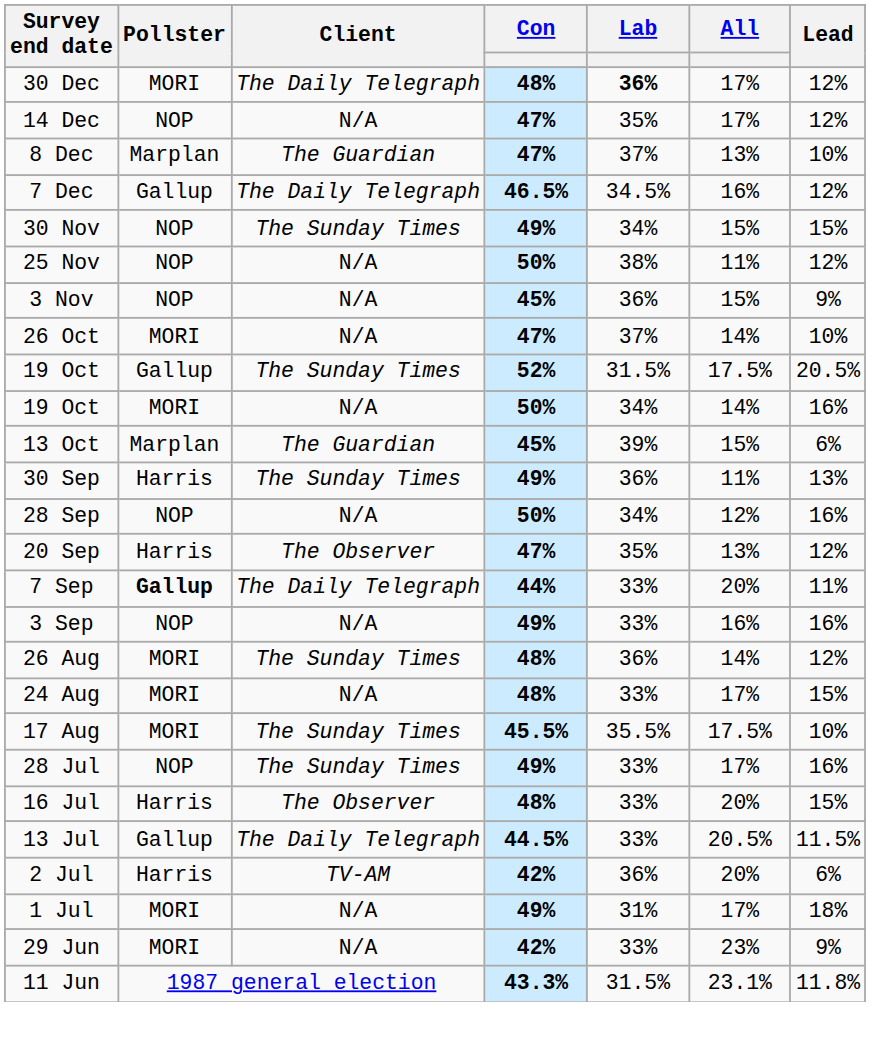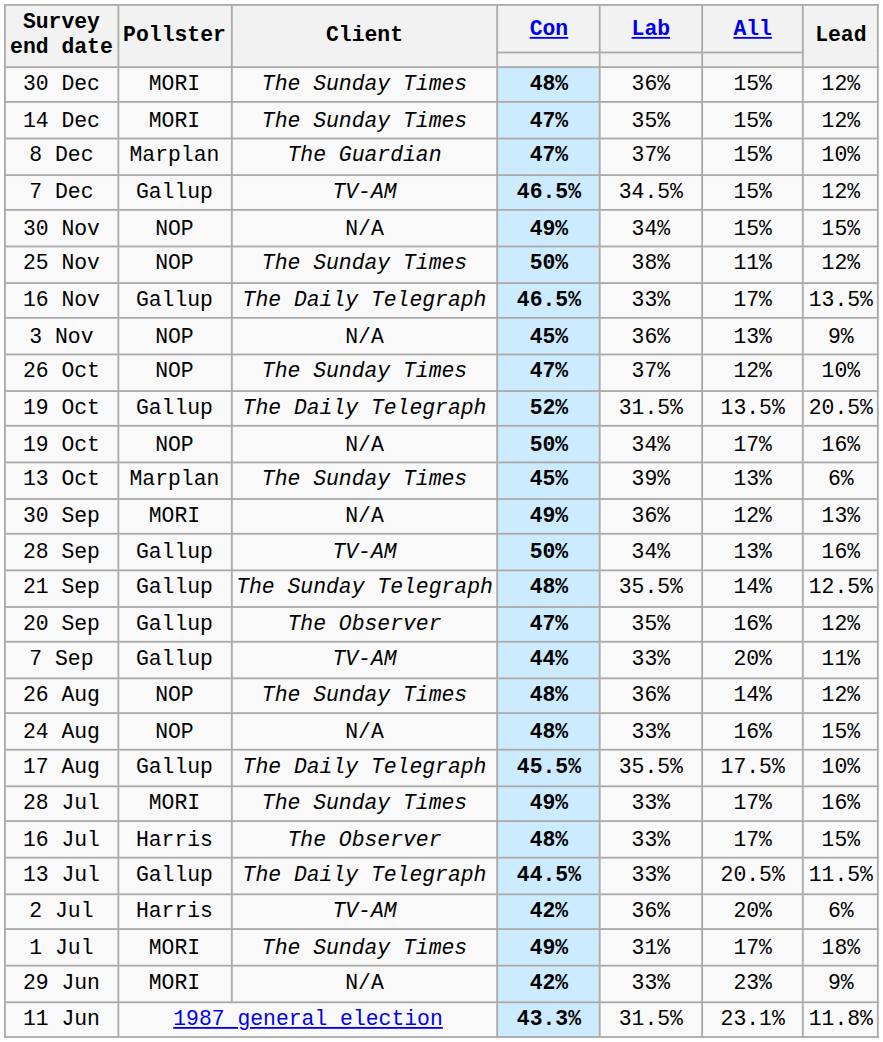 <table class="wikitable sortable mw-datatable" style="text-align:center;font-size:90%;line-height:14px;">
 <tr>
 <th rowspan="2">Survey<br>end date</th>
 <th rowspan="2">Pollster</th>
 <th rowspan="2">Client</th>
 <th class="unsortable" style="width:50px;"><a href='#'>Con</a></th>
 <th class="unsortable" style="width:50px;"><a href='#'>Lab</a></th>
 <th class="unsortable" style="width:50px;"><a href='#'>All</a></th>
 <th rowspan="2">Lead</th>
 </tr>
 <tr>
 <th style="background:"></th>
 <th style="background:"></th>
 <th style="background:"></th>
 </tr>
 <tr>
 <td>30 Dec</td>
 <td>MORI</td>
-<td><em>The Daily Telegraph</em></td>
+<td><em>The Sunday Times</em></td>
 <td style="background:#CCEBFF;"><strong>48%</strong></td>
-<td><strong>36%</strong></td>
-<td>17%</td>
+<td>36%</td>
+<td>15%</td>
 <td style="background:">12%</td>
 </tr>
 <tr>
 <td>14 Dec</td>
-<td>NOP</td>
-<td>N/A</td>
+<td>MORI</td>
+<td><em>The Sunday Times</em></td>
 <td style="background:#CCEBFF;"><strong>47%</strong></td>
 <td>35%</td>
-<td>17%</td>
+<td>15%</td>
 <td style="background:">12%</td>
 </tr>
 <tr>
 <td>8 Dec</td>
 <td>Marplan</td>
 <td><em>The Guardian</em></td>
 <td style="background:#CCEBFF;"><strong>47%</strong></td>
 <td>37%</td>
-<td>13%</td>
+<td>15%</td>
 <td style="background:">10%</td>
 </tr>
 <tr>
 <td>7 Dec</td>
 <td>Gallup</td>
-<td><em>The Daily Telegraph</em></td>
+<td><em>TV-AM</em></td>
 <td style="background:#CCEBFF;"><strong>46.5%</strong></td>
 <td>34.5%</td>
-<td>16%</td>
+<td>15%</td>
 <td style="background:">12%</td>
 </tr>
 <tr>
 <td>30 Nov</td>
 <td>NOP</td>
-<td><em>The Sunday Times</em></td>
+<td>N/A</td>
 <td style="background:#CCEBFF;"><strong>49%</strong></td>
 <td>34%</td>
 <td>15%</td>
 <td style="background:">15%</td>
 </tr>
 <tr>
 <td>25 Nov</td>
 <td>NOP</td>
-<td>N/A</td>
+<td><em>The Sunday Times</em></td>
 <td style="background:#CCEBFF;"><strong>50%</strong></td>
 <td>38%</td>
 <td>11%</td>
 <td style="background:">12%</td>
+</tr>
+<tr>
+<td>16 Nov</td>
+<td>Gallup</td>
+<td><em>The Daily Telegraph</em></td>
+<td style="background:#CCEBFF;"><strong>46.5%</strong></td>
+<td>33%</td>
+<td>17%</td>
+<td style="background:">13.5%</td>
 </tr>
 <tr>
 <td>3 Nov</td>
 <td>NOP</td>
 <td>N/A</td>
 <td style="background:#CCEBFF;"><strong>45%</strong></td>
 <td>36%</td>
-<td>15%</td>
+<td>13%</td>
 <td style="background:">9%</td>
 </tr>
 <tr>
 <td>26 Oct</td>
-<td>MORI</td>
-<td>N/A</td>
+<td>NOP</td>
+<td><em>The Sunday Times</em></td>
 <td style="background:#CCEBFF;"><strong>47%</strong></td>
 <td>37%</td>
-<td>14%</td>
+<td>12%</td>
 <td style="background:">10%</td>
 </tr>
 <tr>
 <td>19 Oct</td>
 <td>Gallup</td>
-<td><em>The Sunday Times</em></td>
+<td><em>The Daily Telegraph</em></td>
 <td style="background:#CCEBFF;"><strong>52%</strong></td>
 <td>31.5%</td>
-<td>17.5%</td>
+<td>13.5%</td>
 <td style="background:">20.5%</td>
 </tr>
 <tr>
 <td>19 Oct</td>
-<td>MORI</td>
+<td>NOP</td>
 <td>N/A</td>
 <td style="background:#CCEBFF;"><strong>50%</strong></td>
 <td>34%</td>
-<td>14%</td>
+<td>17%</td>
 <td style="background:">16%</td>
 </tr>
 <tr>
 <td>13 Oct</td>
 <td>Marplan</td>
-<td><em>The Guardian</em></td>
+<td><em>The Sunday Times</em></td>
 <td style="background:#CCEBFF;"><strong>45%</strong></td>
 <td>39%</td>
-<td>15%</td>
+<td>13%</td>
 <td style="background:">6%</td>
 </tr>
 <tr>
 <td>30 Sep</td>
-<td>Harris</td>
-<td><em>The Sunday Times</em></td>
+<td>MORI</td>
+<td>N/A</td>
 <td style="background:#CCEBFF;"><strong>49%</strong></td>
 <td>36%</td>
-<td>11%</td>
+<td>12%</td>
 <td style="background:">13%</td>
 </tr>
 <tr>
 <td>28 Sep</td>
-<td>NOP</td>
-<td>N/A</td>
+<td>Gallup</td>
+<td><em>TV-AM</em></td>
 <td style="background:#CCEBFF;"><strong>50%</strong></td>
 <td>34%</td>
-<td>12%</td>
+<td>13%</td>
 <td style="background:">16%</td>
 </tr>
 <tr>
+<td>21 Sep</td>
+<td>Gallup</td>
+<td><em>The Sunday Telegraph</em></td>
+<td style="background:#CCEBFF;"><strong>48%</strong></td>
+<td>35.5%</td>
+<td>14%</td>
+<td style="background:">12.5%</td>
+</tr>
+<tr>
 <td>20 Sep</td>
-<td>Harris</td>
+<td>Gallup</td>
 <td><em>The Observer</em></td>
 <td style="background:#CCEBFF;"><strong>47%</strong></td>
 <td>35%</td>
-<td>13%</td>
+<td>16%</td>
 <td style="background:">12%</td>
 </tr>
 <tr>
 <td>7 Sep</td>
-<td><strong>Gallup</strong></td>
-<td><em>The Daily Telegraph</em></td>
+<td>Gallup</td>
+<td><em>TV-AM</em></td>
 <td style="background:#CCEBFF;"><strong>44%</strong></td>
 <td>33%</td>
 <td>20%</td>
 <td style="background:">11%</td>
 </tr>
 <tr>
-<td>3 Sep</td>
+<td>26 Aug</td>
 <td>NOP</td>
-<td>N/A</td>
-<td style="background:#CCEBFF;"><strong>49%</strong></td>
-<td>33%</td>
-<td>16%</td>
-<td style="background:">16%</td>
-</tr>
-<tr>
-<td>26 Aug</td>
-<td>MORI</td>
 <td><em>The Sunday Times</em></td>
 <td style="background:#CCEBFF;"><strong>48%</strong></td>
 <td>36%</td>
 <td>14%</td>
 <td style="background:">12%</td>
 </tr>
 <tr>
 <td>24 Aug</td>
-<td>MORI</td>
+<td>NOP</td>
 <td>N/A</td>
 <td style="background:#CCEBFF;"><strong>48%</strong></td>
 <td>33%</td>
-<td>17%</td>
+<td>16%</td>
 <td style="background:">15%</td>
 </tr>
 <tr>
 <td>17 Aug</td>
-<td>MORI</td>
-<td><em>The Sunday Times</em></td>
+<td>Gallup</td>
+<td><em>The Daily Telegraph</em></td>
 <td style="background:#CCEBFF;"><strong>45.5%</strong></td>
 <td>35.5%</td>
 <td>17.5%</td>
 <td style="background:">10%</td>
 </tr>
 <tr>
 <td>28 Jul</td>
-<td>NOP</td>
+<td>MORI</td>
 <td><em>The Sunday Times</em></td>
 <td style="background:#CCEBFF;"><strong>49%</strong></td>
 <td>33%</td>
 <td>17%</td>
 <td style="background:">16%</td>
 </tr>
 <tr>
 <td>16 Jul</td>
 <td>Harris</td>
 <td><em>The Observer</em></td>
 <td style="background:#CCEBFF;"><strong>48%</strong></td>
 <td>33%</td>
-<td>20%</td>
+<td>17%</td>
 <td style="background:">15%</td>
 </tr>
 <tr>
 <td>13 Jul</td>
 <td>Gallup</td>
 <td><em>The Daily Telegraph</em></td>
 <td style="background:#CCEBFF;"><strong>44.5%</strong></td>
 <td>33%</td>
 <td>20.5%</td>
 <td style="background:">11.5%</td>
 </tr>
 <tr>
 <td>2 Jul</td>
 <td>Harris</td>
 <td><em>TV-AM</em></td>
 <td style="background:#CCEBFF;"><strong>42%</strong></td>
 <td>36%</td>
 <td>20%</td>
 <td style="background:">6%</td>
 </tr>
 <tr>
 <td>1 Jul</td>
 <td>MORI</td>
-<td>N/A</td>
+<td><em>The Sunday Times</em></td>
 <td style="background:#CCEBFF;"><strong>49%</strong></td>
 <td>31%</td>
 <td>17%</td>
 <td style="background:">18%</td>
 </tr>
 <tr>
 <td>29 Jun</td>
 <td>MORI</td>
 <td>N/A</td>
 <td style="background:#CCEBFF;"><strong>42%</strong></td>
 <td>33%</td>
 <td>23%</td>
 <td style="background:">9%</td>
 </tr>
 <tr>
 <td>11 Jun</td>
 <td colspan="2"><a href='#'>1987 general election</a></td>
 <td style="background:#CCEBFF;"><strong>43.3%</strong></td>
 <td>31.5%</td>
 <td>23.1%</td>
 <td style="background:">11.8%</td>
 </tr>
 </table>
